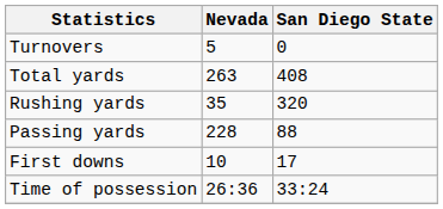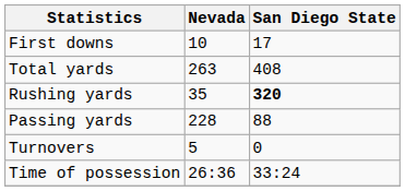 <table class="wikitable">
 <tr>
 <th>Statistics</th>
 <th>Nevada</th>
 <th>San Diego State</th>
 </tr>
 <tr>
-<td>Turnovers</td>
-<td>5</td>
-<td>0</td>
+<td>First downs</td>
+<td>10</td>
+<td>17</td>
 </tr>
 <tr>
 <td>Total yards</td>
 <td>263</td>
 <td>408</td>
 </tr>
 <tr>
 <td>Rushing yards</td>
 <td>35</td>
-<td>320</td>
+<td><strong>320</strong></td>
 </tr>
 <tr>
 <td>Passing yards</td>
 <td>228</td>
 <td>88</td>
 </tr>
 <tr>
-<td>First downs</td>
-<td>10</td>
-<td>17</td>
+<td>Turnovers</td>
+<td>5</td>
+<td>0</td>
 </tr>
 <tr>
 <td>Time of possession</td>
 <td>26:36</td>
 <td>33:24</td>
 </tr>
 <tr>
 </tr>
 </table>
